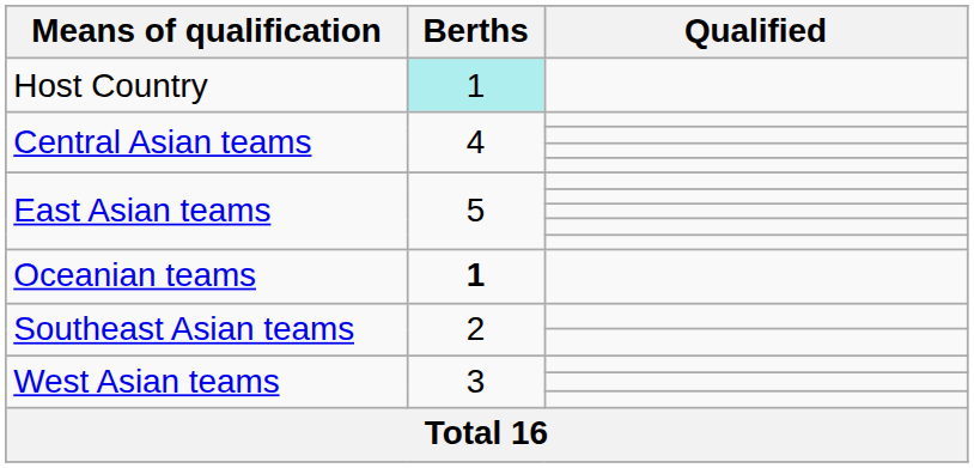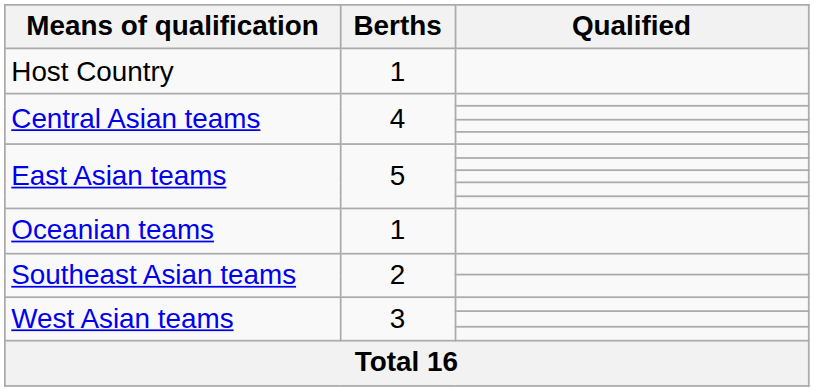 <table class="wikitable">
 <tr>
 <th style="margin:0; width:38%;">Means of qualification</th>
 <th style="margin:0; width:13%;">Berths</th>
 <th style="margin:0; width:40%;">Qualified</th>
 </tr>
 <tr>
 <td>Host Country</td>
-<td style="background: paleturquoise; text-align:center;">1</td>
+<td style="text-align:center;">1</td>
 <td></td>
 </tr>
 <tr>
 <td rowspan=4><a href='#'>Central Asian teams</a></td>
 <td rowspan=4 style="text-align:center;">4</td>
 <td></td>
 </tr>
 <tr>
 <td></td>
 </tr>
 <tr>
 <td></td>
 </tr>
 <tr>
 <td></td>
 </tr>
 <tr>
 <td rowspan=5><a href='#'>East Asian teams</a></td>
 <td rowspan=5 style="text-align:center;">5</td>
 <td></td>
 </tr>
 <tr>
 <td></td>
 </tr>
 <tr>
 <td></td>
 </tr>
 <tr>
 <td></td>
 </tr>
 <tr>
 <td></td>
 </tr>
 <tr>
 <td rowspan=1><a href='#'>Oceanian teams</a></td>
-<td rowspan=1 style="text-align:center;"><strong>1</strong></td>
+<td rowspan=1 style="text-align:center;">1</td>
 <td></td>
 </tr>
 <tr>
 <td rowspan=2><a href='#'>Southeast Asian teams</a></td>
 <td rowspan=2 style="text-align:center;">2</td>
 <td></td>
 </tr>
 <tr>
 <td></td>
 </tr>
 <tr>
 <td rowspan=3><a href='#'>West Asian teams</a></td>
 <td rowspan=3 style="text-align:center;">3</td>
 <td></td>
 </tr>
 <tr>
 <td></td>
 </tr>
 <tr>
 <td></td>
 </tr>
 <tr>
 <th colspan=4>Total 16</th>
 </tr>
 </table>
